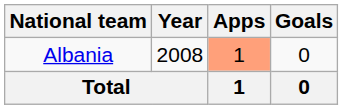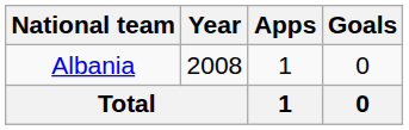 <table class=wikitable style="text-align: center;">
 <tr>
 <th>National team</th>
 <th>Year</th>
 <th>Apps</th>
 <th>Goals</th>
 </tr>
 <tr>
 <td rowspan="1"><a href='#'>Albania</a></td>
 <td>2008</td>
-<td style="background: lightsalmon;">1</td>
+<td>1</td>
 <td>0</td>
 </tr>
 <tr>
 <th colspan="2">Total</th>
 <th>1</th>
 <th>0</th>
 </tr>
 </table>
